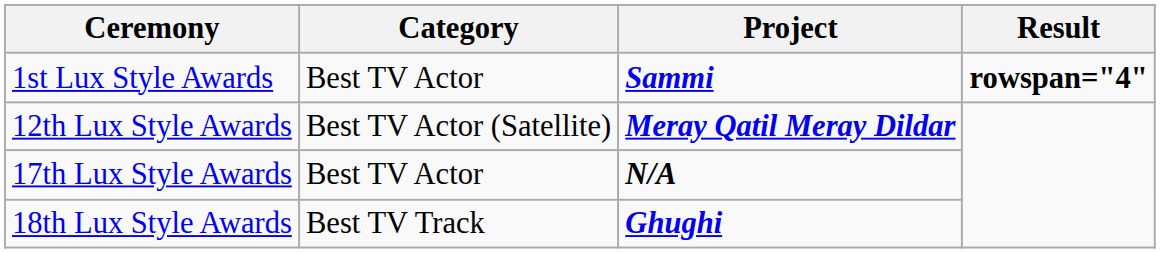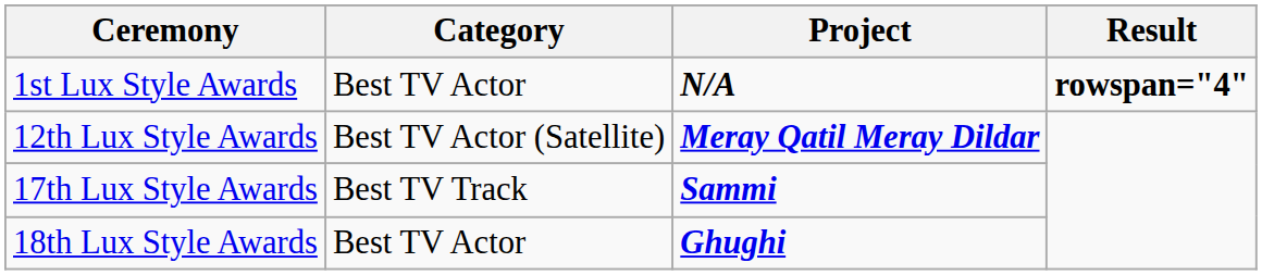 <table class="wikitable style">
 <tr>
 <th>Ceremony</th>
 <th>Category</th>
 <th>Project</th>
 <th>Result</th>
 </tr>
 <tr>
 <td><a href='#'>1st Lux Style Awards</a></td>
 <td>Best TV Actor</td>
-<td><strong><em><a href='#'>Sammi</a></em></strong></td>
+<td><strong><em>N/A</em></strong></td>
 <td><strong>rowspan="4" </strong></td>
 </tr>
 <tr>
 <td><a href='#'>12th Lux Style Awards</a></td>
 <td>Best TV Actor (Satellite)</td>
 <td><strong><em><a href='#'>Meray Qatil Meray Dildar</a></em></strong></td>
 </tr>
 <tr>
 <td><a href='#'>17th Lux Style Awards</a></td>
-<td>Best TV Actor</td>
-<td><strong><em>N/A</em></strong></td>
+<td>Best TV Track</td>
+<td><strong><em><a href='#'>Sammi</a></em></strong></td>
 </tr>
 <tr>
 <td><a href='#'>18th Lux Style Awards</a></td>
-<td>Best TV Track</td>
+<td>Best TV Actor</td>
 <td><strong><em><a href='#'>Ghughi</a></em></strong></td>
 </tr>
 </table>
